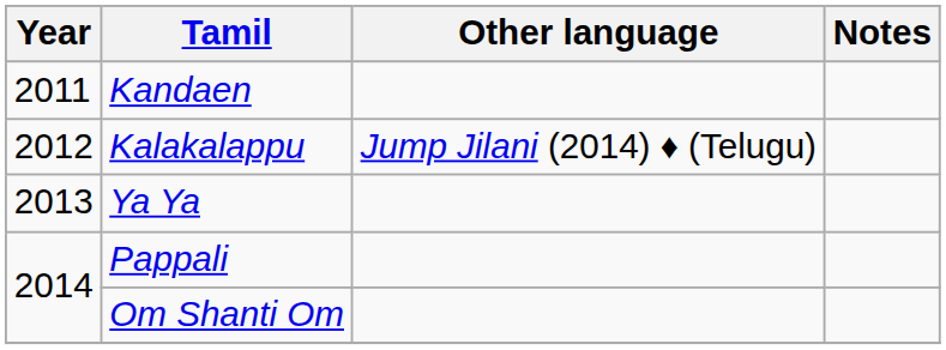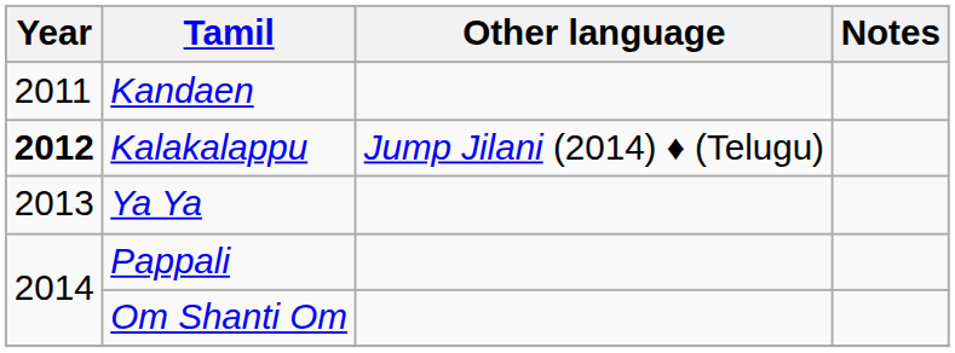 <table class="wikitable">
 <tr style="background:#ccc; text-align:center;">
 <th>Year</th>
 <th><a href='#'>Tamil</a></th>
 <th>Other language</th>
 <th>Notes</th>
 </tr>
 <tr>
 <td rowspan="1">2011</td>
 <td><em><a href='#'>Kandaen</a></em></td>
 <td></td>
 <td></td>
 </tr>
 <tr>
-<td rowspan="1">2012</td>
+<td rowspan="1"><strong>2012</strong></td>
 <td><em><a href='#'>Kalakalappu</a></em></td>
 <td><em><a href='#'>Jump Jilani</a></em> (2014) ♦ (Telugu)</td>
 <td></td>
 </tr>
 <tr>
 <td rowspan="1">2013</td>
 <td><em><a href='#'>Ya Ya</a></em></td>
 <td></td>
 <td></td>
 </tr>
 <tr>
 <td rowspan="2">2014</td>
 <td><em><a href='#'>Pappali</a></em></td>
 <td></td>
 <td></td>
 </tr>
 <tr>
 <td><em><a href='#'>Om Shanti Om</a></em></td>
 <td></td>
 <td></td>
 </tr>
 <tr>
 </tr>
 </table>
